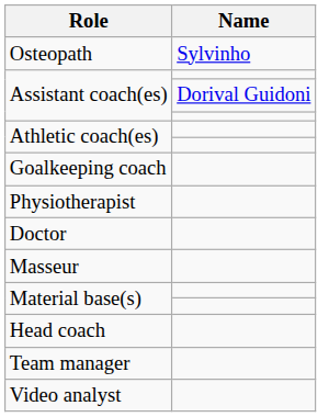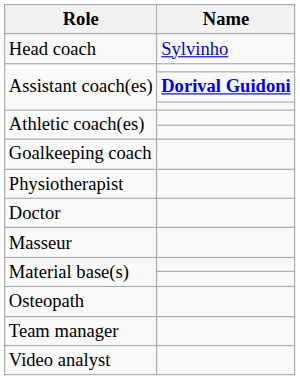 <table class="wikitable">
 <tr>
 <th>Role</th>
 <th>Name</th>
 </tr>
 <tr>
-<td>Osteopath</td>
+<td>Head coach</td>
 <td> <a href='#'>Sylvinho</a></td>
 </tr>
 <tr>
 <td rowspan="3">Assistant coach(es)</td>
 <td> </td>
 </tr>
 <tr>
-<td> <a href='#'>Dorival Guidoni</a></td>
+<td><strong> <a href='#'>Dorival Guidoni</a></strong></td>
 </tr>
 <tr>
 <td> </td>
 </tr>
 <tr>
 <td rowspan="2">Athletic coach(es)</td>
 <td> </td>
 </tr>
 <tr>
 <td> </td>
 </tr>
 <tr>
 <td>Goalkeeping coach</td>
 <td> </td>
 </tr>
 <tr>
 <td>Physiotherapist</td>
 <td> </td>
 </tr>
 <tr>
 <td>Doctor</td>
 <td> </td>
 </tr>
 <tr>
 <td>Masseur</td>
 <td> </td>
 </tr>
 <tr>
 <td rowspan="2">Material base(s)</td>
 <td> </td>
 </tr>
 <tr>
 <td> </td>
 </tr>
 <tr>
-<td>Head coach</td>
+<td>Osteopath</td>
 <td> </td>
 </tr>
 <tr>
 <td>Team manager</td>
 <td> </td>
 </tr>
 <tr>
 <td>Video analyst</td>
 <td> </td>
 </tr>
 </table>
